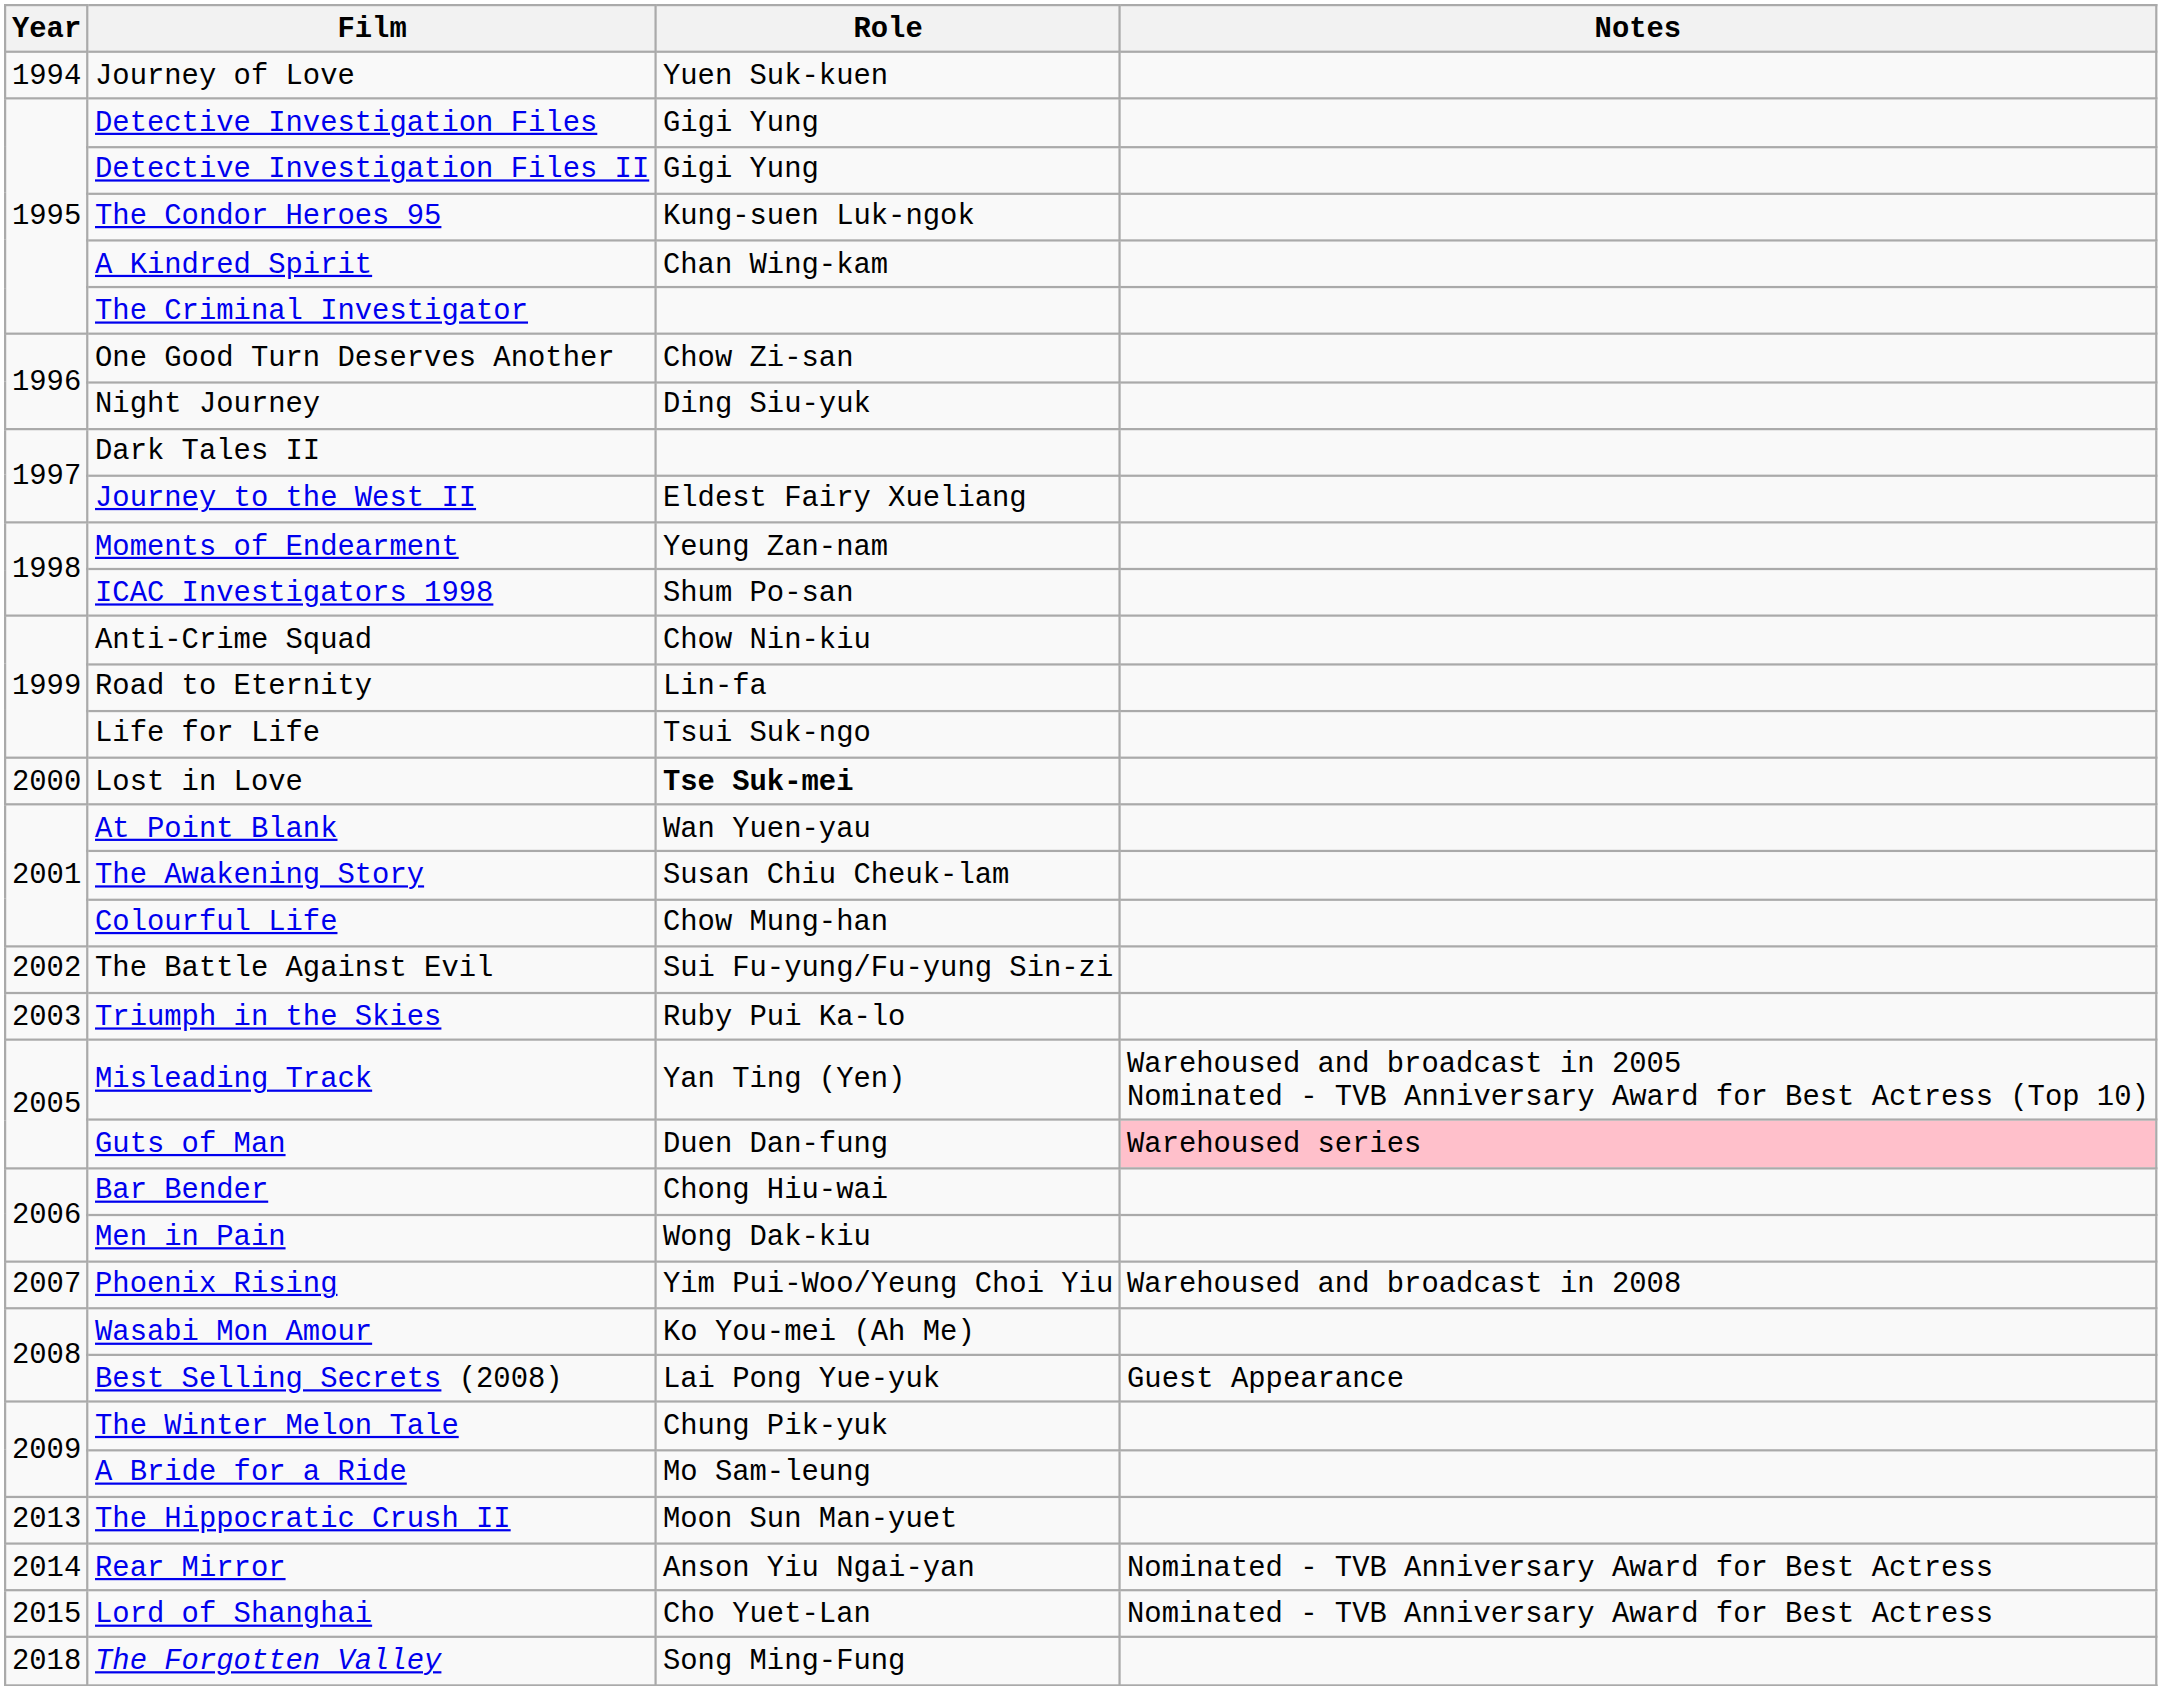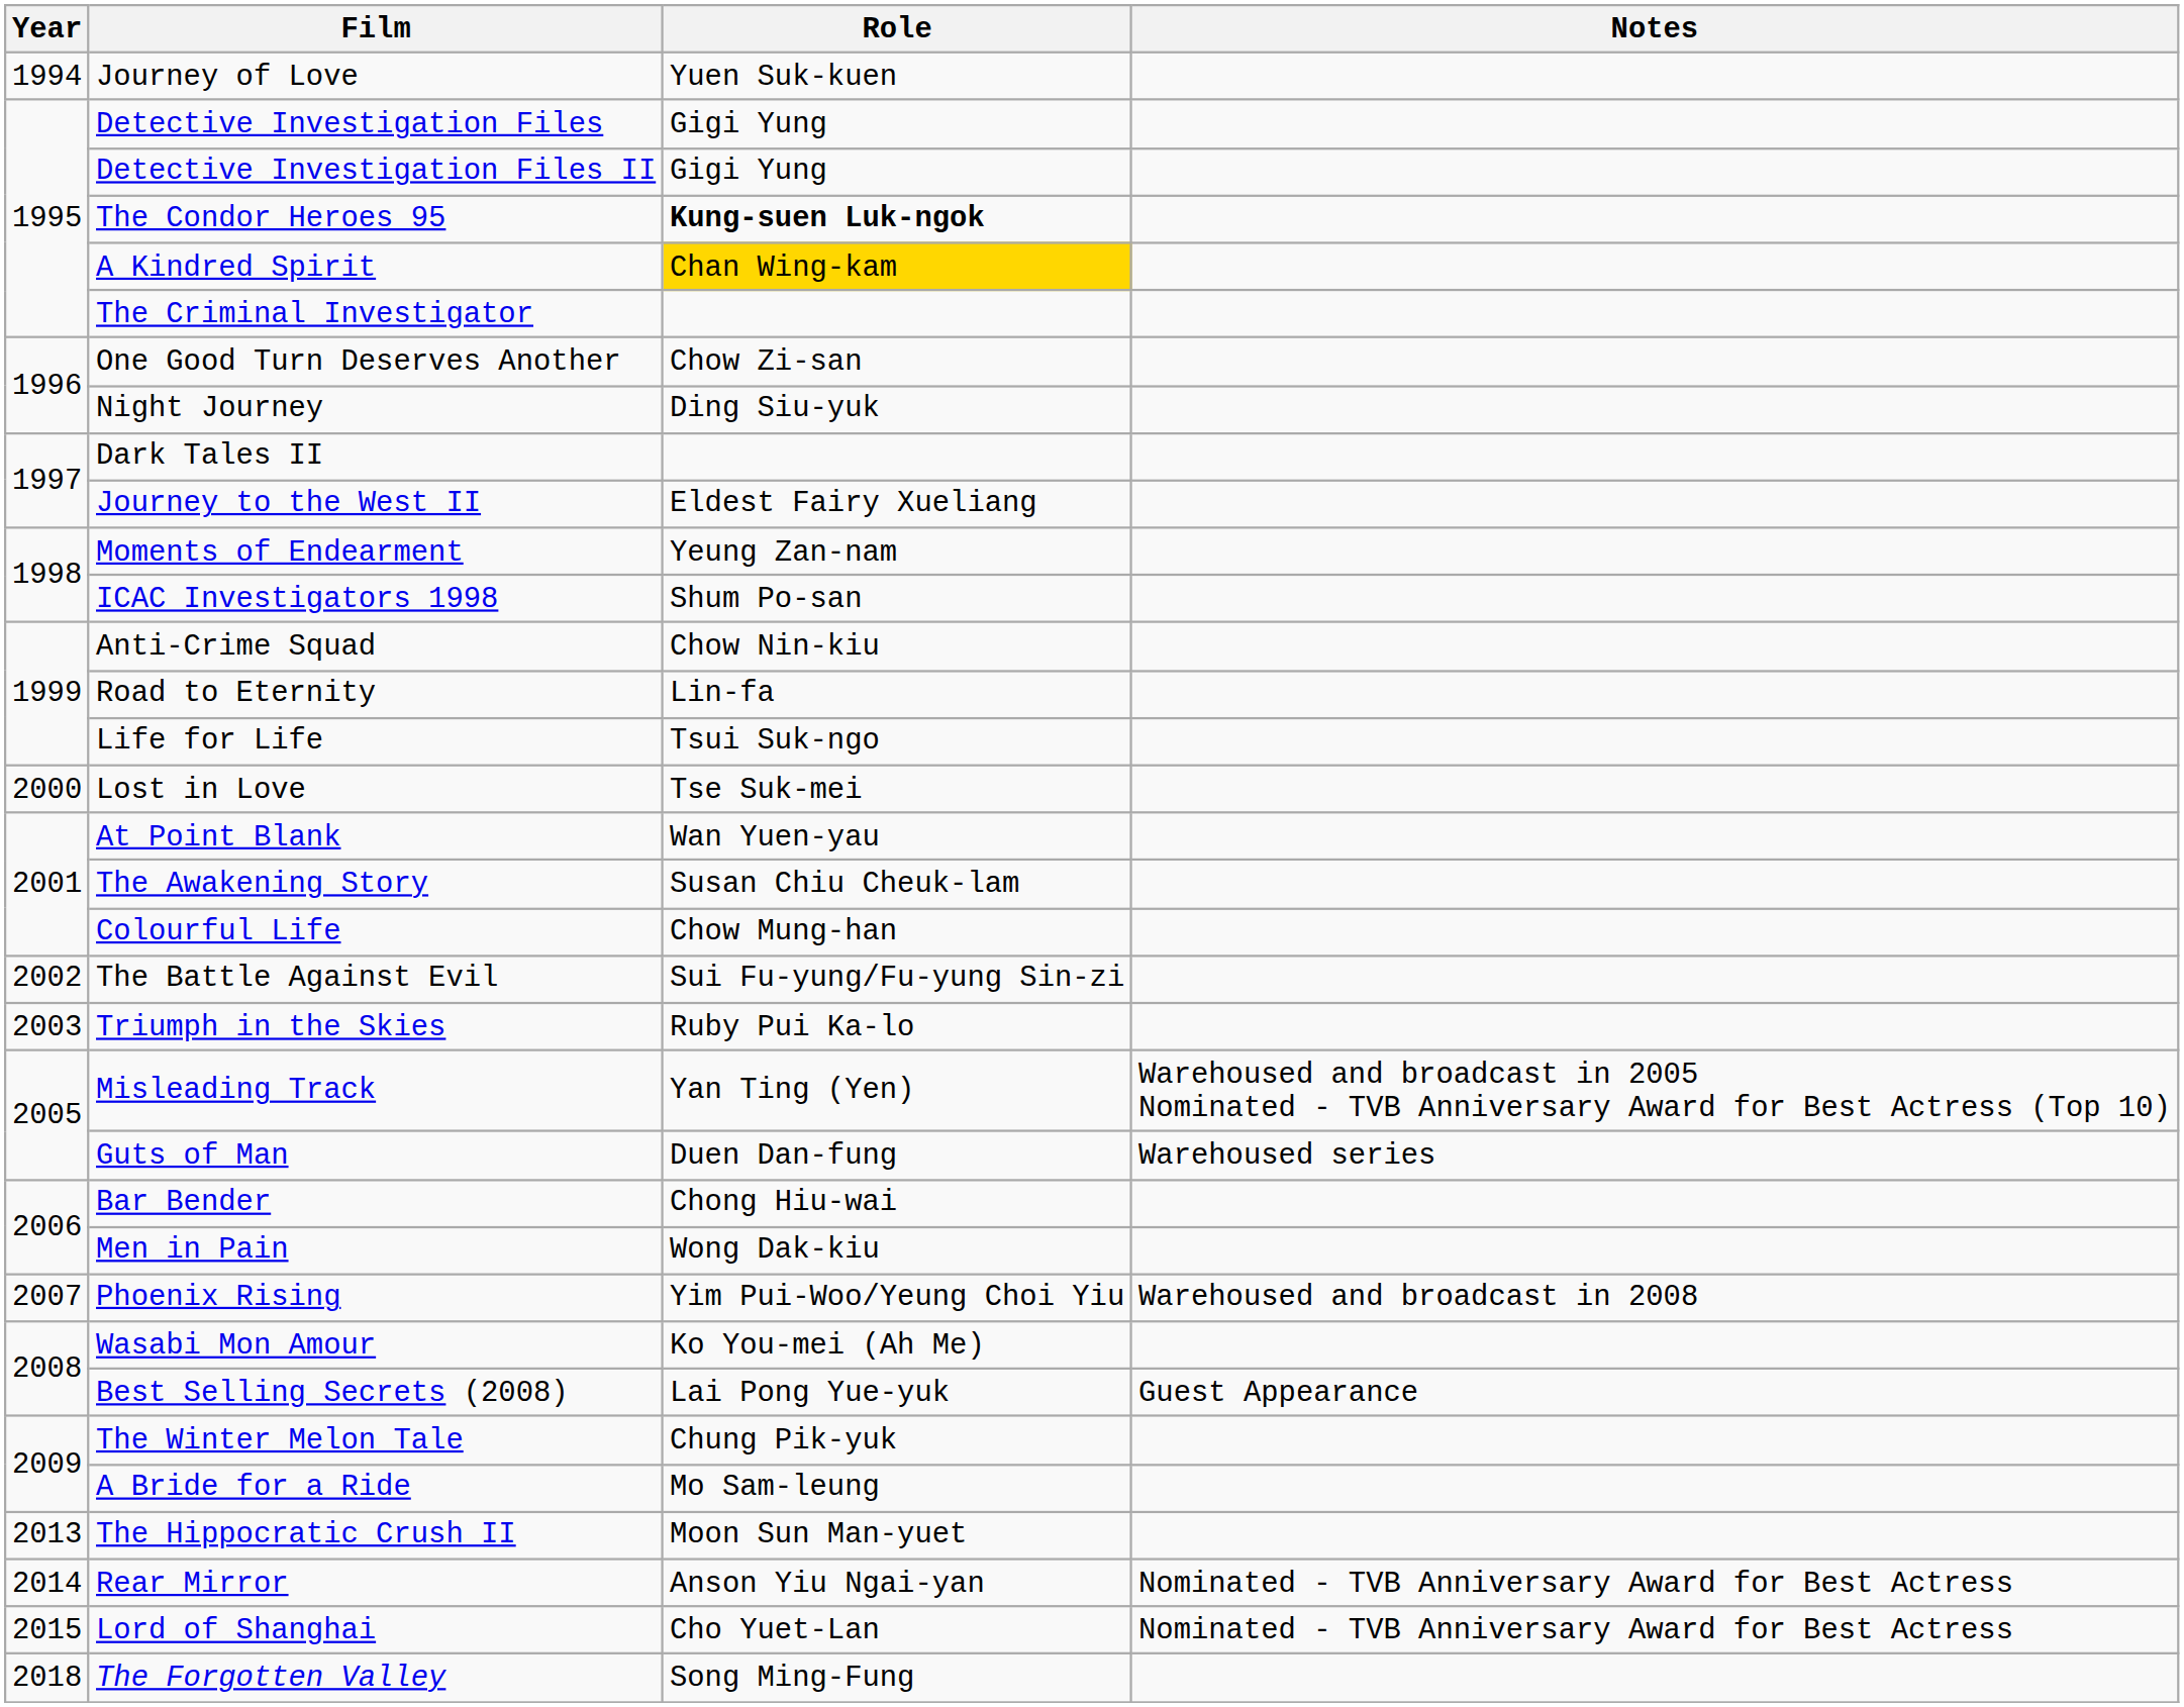 <table class="wikitable plainrowheaders sortable">
 <tr>
 <th scope="col">Year</th>
 <th scope="col">Film</th>
 <th scope="col">Role</th>
 <th scope="col" class="unsortable">Notes</th>
 </tr>
 <tr>
 <td rowspan=1>1994</td>
 <td>Journey of Love</td>
 <td>Yuen Suk-kuen</td>
 <td></td>
 </tr>
 <tr>
 <td rowspan=5>1995</td>
 <td><a href='#'>Detective Investigation Files</a></td>
 <td>Gigi Yung</td>
 <td></td>
 </tr>
 <tr>
 <td><a href='#'>Detective Investigation Files II</a></td>
 <td>Gigi Yung</td>
 <td></td>
 </tr>
 <tr>
 <td><a href='#'>The Condor Heroes 95</a></td>
-<td>Kung-suen Luk-ngok</td>
+<td><strong>Kung-suen Luk-ngok</strong></td>
 <td></td>
 </tr>
 <tr>
 <td><a href='#'>A Kindred Spirit</a></td>
-<td>Chan Wing-kam</td>
+<td style="background: gold;">Chan Wing-kam</td>
 <td></td>
 </tr>
 <tr>
 <td><a href='#'>The Criminal Investigator</a></td>
 <td></td>
 <td></td>
 </tr>
 <tr>
 <td rowspan=2>1996</td>
 <td>One Good Turn Deserves Another</td>
 <td>Chow Zi-san</td>
 <td></td>
 </tr>
 <tr>
 <td>Night Journey</td>
 <td>Ding Siu-yuk</td>
 <td></td>
 </tr>
 <tr>
 <td rowspan=2>1997</td>
 <td>Dark Tales II</td>
 <td></td>
 <td></td>
 </tr>
 <tr>
 <td><a href='#'>Journey to the West II</a></td>
 <td>Eldest Fairy Xueliang</td>
 <td></td>
 </tr>
 <tr>
 <td rowspan=2>1998</td>
 <td><a href='#'>Moments of Endearment</a></td>
 <td>Yeung Zan-nam</td>
 <td></td>
 </tr>
 <tr>
 <td><a href='#'>ICAC Investigators 1998</a></td>
 <td>Shum Po-san</td>
 <td></td>
 </tr>
 <tr>
 <td rowspan=3>1999</td>
 <td>Anti-Crime Squad</td>
 <td>Chow Nin-kiu</td>
 <td></td>
 </tr>
 <tr>
 <td>Road to Eternity</td>
 <td>Lin-fa</td>
 <td></td>
 </tr>
 <tr>
 <td>Life for Life</td>
 <td>Tsui Suk-ngo</td>
 <td></td>
 </tr>
 <tr>
 <td rowspan=1>2000</td>
 <td>Lost in Love</td>
-<td><strong>Tse Suk-mei</strong></td>
+<td>Tse Suk-mei</td>
 <td></td>
 </tr>
 <tr>
 <td rowspan=3>2001</td>
 <td><a href='#'>At Point Blank</a></td>
 <td>Wan Yuen-yau</td>
 <td></td>
 </tr>
 <tr>
 <td><a href='#'>The Awakening Story</a></td>
 <td>Susan Chiu Cheuk-lam</td>
 <td></td>
 </tr>
 <tr>
 <td><a href='#'>Colourful Life</a></td>
 <td>Chow Mung-han</td>
 <td></td>
 </tr>
 <tr>
 <td rowspan=1>2002</td>
 <td>The Battle Against Evil</td>
 <td>Sui Fu-yung/Fu-yung Sin-zi</td>
 <td></td>
 </tr>
 <tr>
 <td rowspan=1>2003</td>
 <td><a href='#'>Triumph in the Skies</a></td>
 <td>Ruby Pui Ka-lo</td>
 <td></td>
 </tr>
 <tr>
 <td rowspan=2>2005</td>
 <td><a href='#'>Misleading Track</a></td>
 <td>Yan Ting (Yen)</td>
 <td>Warehoused and broadcast in 2005<br>Nominated - TVB Anniversary Award for Best Actress (Top 10)</td>
 </tr>
 <tr>
 <td><a href='#'>Guts of Man</a></td>
 <td>Duen Dan-fung</td>
-<td style="background: pink;">Warehoused series</td>
+<td>Warehoused series</td>
 </tr>
 <tr>
 <td rowspan=2>2006</td>
 <td><a href='#'>Bar Bender</a></td>
 <td>Chong Hiu-wai</td>
 <td></td>
 </tr>
 <tr>
 <td><a href='#'>Men in Pain</a></td>
 <td>Wong Dak-kiu</td>
 <td></td>
 </tr>
 <tr>
 <td rowspan=1>2007</td>
 <td><a href='#'>Phoenix Rising</a></td>
 <td>Yim Pui-Woo/Yeung Choi Yiu</td>
 <td>Warehoused and broadcast in 2008</td>
 </tr>
 <tr>
 <td rowspan=2>2008</td>
 <td><a href='#'>Wasabi Mon Amour</a></td>
 <td>Ko You-mei (Ah Me)</td>
 <td></td>
 </tr>
 <tr>
 <td><a href='#'>Best Selling Secrets</a> (2008)</td>
 <td>Lai Pong Yue-yuk</td>
 <td>Guest Appearance</td>
 </tr>
 <tr>
 <td rowspan=2>2009</td>
 <td><a href='#'>The Winter Melon Tale</a></td>
 <td>Chung Pik-yuk</td>
 <td></td>
 </tr>
 <tr>
 <td><a href='#'>A Bride for a Ride</a></td>
 <td>Mo Sam-leung</td>
 <td></td>
 </tr>
 <tr>
 <td rowspan=1>2013</td>
 <td><a href='#'>The Hippocratic Crush II</a></td>
 <td>Moon Sun Man-yuet</td>
 <td></td>
 </tr>
 <tr>
 <td rowspan=1>2014</td>
 <td><a href='#'>Rear Mirror</a></td>
 <td>Anson Yiu Ngai-yan</td>
 <td>Nominated - TVB Anniversary Award for Best Actress</td>
 </tr>
 <tr>
 <td rowspan=1>2015</td>
 <td><a href='#'>Lord of Shanghai</a></td>
 <td>Cho Yuet-Lan</td>
 <td>Nominated - TVB Anniversary Award for Best Actress</td>
 </tr>
 <tr>
 <td rowspan=1>2018</td>
 <td><em><a href='#'>The Forgotten Valley</a></em></td>
 <td>Song Ming-Fung</td>
 <td></td>
 </tr>
 <tr>
 </tr>
 </table>
